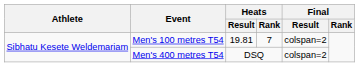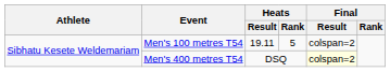 <table class="wikitable" style="text-align: center; font-size:90%">
 <tr>
 <th rowspan="2">Athlete</th>
 <th rowspan="2">Event</th>
 <th colspan="2">Heats</th>
 <th colspan="2">Final</th>
 </tr>
 <tr style="font-size:95%">
 <th>Result</th>
 <th>Rank</th>
 <th>Result</th>
 <th>Rank</th>
 </tr>
 <tr>
 <td align=left rowspan="2"><a href='#'>Sibhatu Kesete Weldemariam</a></td>
 <td align=left><a href='#'>Men's 100 metres T54</a></td>
-<td>19.81</td>
-<td>7</td>
+<td>19.11</td>
+<td>5</td>
 <td>colspan=2 </td>
 </tr>
 <tr>
 <td align=left><a href='#'>Men's 400 metres T54</a></td>
 <td colspan=2>DSQ</td>
-<td>colspan=2 </td>
+<td style="background: lightyellow;">colspan=2 </td>
 </tr>
 </table>
